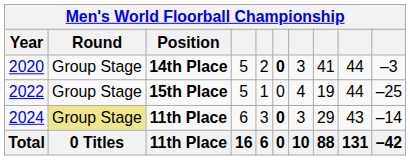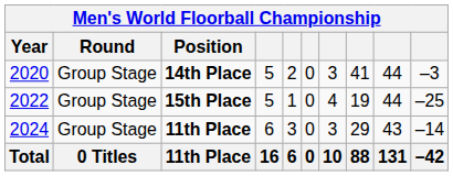 <table class="wikitable" style="text-align: center;">
 <tr>
 <th colspan=10><a href='#'>Men's World Floorball Championship</a></th>
 </tr>
 <tr>
 <th>Year</th>
 <th>Round</th>
 <th>Position</th>
 <th></th>
 <th></th>
 <th></th>
 <th></th>
 <th></th>
 <th></th>
 <th></th>
 </tr>
 <tr>
 <td> <a href='#'>2020</a></td>
 <td>Group Stage</td>
 <td><strong>14th Place</strong></td>
 <td>5</td>
 <td>2</td>
-<td><strong>0</strong></td>
+<td>0</td>
 <td>3</td>
 <td>41</td>
 <td>44</td>
 <td>–3</td>
 </tr>
 <tr>
 <td> <a href='#'>2022</a></td>
 <td>Group Stage</td>
 <td><strong>15th Place</strong></td>
 <td>5</td>
 <td>1</td>
 <td>0</td>
 <td>4</td>
 <td>19</td>
 <td>44</td>
 <td>–25</td>
 </tr>
 <tr>
 <td> <a href='#'>2024</a></td>
-<td style="background: khaki;">Group Stage</td>
+<td>Group Stage</td>
 <td><strong>11th Place</strong></td>
 <td>6</td>
 <td>3</td>
-<td><strong>0</strong></td>
+<td>0</td>
 <td>3</td>
 <td>29</td>
 <td>43</td>
 <td>–14</td>
 </tr>
 <tr>
 <th>Total</th>
 <th>0 Titles</th>
 <th>11th Place</th>
 <th>16</th>
 <th>6</th>
 <th>0</th>
 <th>10</th>
 <th>88</th>
 <th>131</th>
 <th>–42</th>
 </tr>
 </table>
